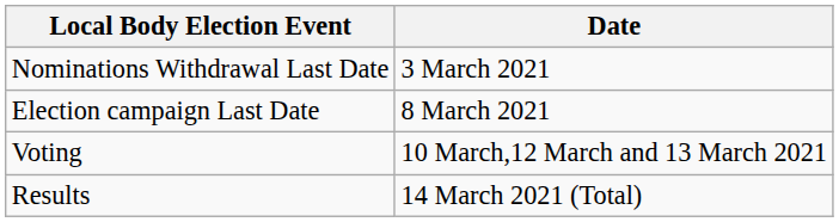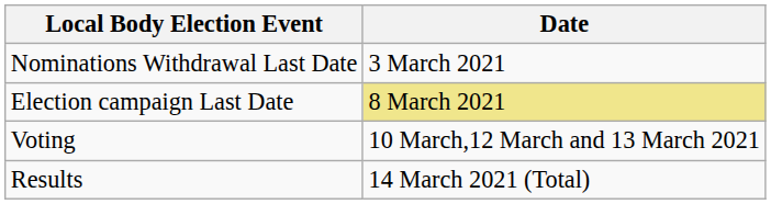 <table class="wikitable">
 <tr>
 <th>Local Body Election Event</th>
 <th>Date</th>
 </tr>
 <tr>
 <td>Nominations Withdrawal Last Date</td>
 <td>3 March 2021</td>
 </tr>
 <tr>
 <td>Election campaign Last Date</td>
-<td>8 March 2021</td>
+<td style="background: khaki;">8 March 2021</td>
 </tr>
 <tr>
 <td>Voting</td>
 <td>10 March,12 March and 13 March 2021</td>
 </tr>
 <tr>
 <td>Results</td>
 <td>14 March 2021 (Total)</td>
 </tr>
 </table>
